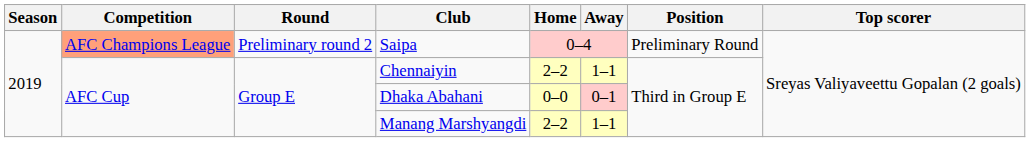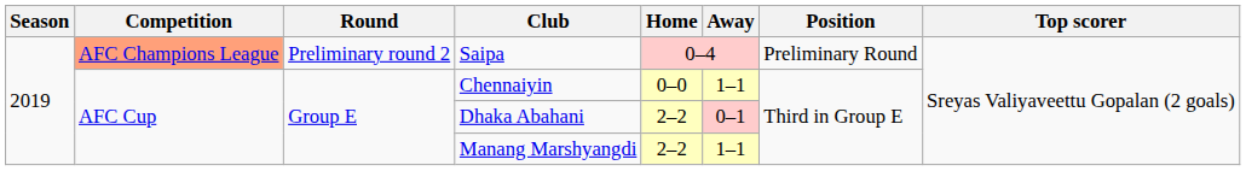 <table class="wikitable">
 <tr>
 <th>Season</th>
 <th>Competition</th>
 <th>Round</th>
 <th>Club</th>
 <th>Home</th>
 <th>Away</th>
 <th>Position</th>
 <th>Top scorer</th>
 </tr>
 <tr>
 <td rowspan="4">2019</td>
 <td rowspan="1" style="background: lightsalmon;"><a href='#'>AFC Champions League</a></td>
 <td rowspan="1"><a href='#'>Preliminary round 2</a></td>
 <td> <a href='#'>Saipa</a></td>
 <td colspan=2; bgcolor=#FFCCCC style="text-align:center;">0–4</td>
 <td>Preliminary Round</td>
 <td rowspan="4"> Sreyas Valiyaveettu Gopalan (2 goals)</td>
 </tr>
 <tr>
 <td rowspan="3"><a href='#'>AFC Cup</a></td>
 <td rowspan="3"><a href='#'>Group E</a></td>
 <td> <a href='#'>Chennaiyin</a></td>
-<td style="text-align:center;" bgcolor=#FFFFBF>2–2</td>
+<td style="text-align:center;" bgcolor=#FFFFBF>0–0</td>
 <td style="text-align:center;" bgcolor=#FFFFBF>1–1</td>
 <td rowspan="3">Third in Group E</td>
 </tr>
 <tr>
 <td> <a href='#'>Dhaka Abahani</a></td>
-<td style="text-align:center;" bgcolor=#FFFFBF>0–0</td>
+<td style="text-align:center;" bgcolor=#FFFFBF>2–2</td>
 <td style="text-align:center;" bgcolor=#FFCCCC>0–1</td>
 </tr>
 <tr>
 <td> <a href='#'>Manang Marshyangdi</a></td>
 <td style="text-align:center;" bgcolor=#FFFFBF>2–2</td>
 <td style="text-align:center;" bgcolor=#FFFFBF>1–1</td>
 </tr>
 </table>
